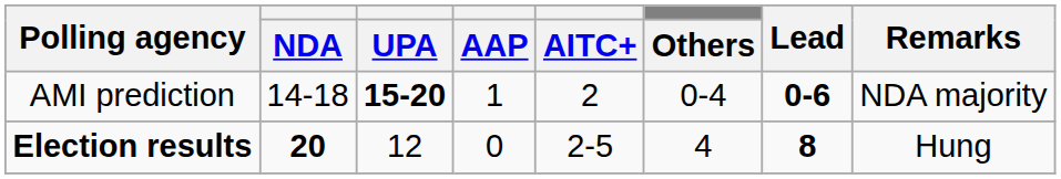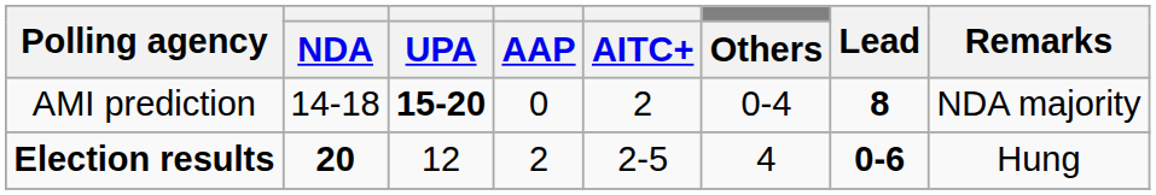 <table class="wikitable sortable" style="text-align:center">
 <tr>
 <th rowspan="2">Polling agency</th>
 <th style="background:"></th>
 <th style="background:"></th>
 <th style="background:"></th>
 <th style="background:"></th>
 <th style="background:gray;"></th>
 <th rowspan="2">Lead</th>
 <th rowspan="2">Remarks</th>
 </tr>
 <tr>
 <th><a href='#'>NDA</a></th>
 <th><a href='#'>UPA</a></th>
 <th><a href='#'>AAP</a></th>
 <th><a href='#'>AITC+</a></th>
 <th>Others</th>
 </tr>
 <tr>
 <td>AMI prediction</td>
 <td>14-18</td>
 <td><strong>15-20</strong></td>
-<td>1</td>
+<td>0</td>
 <td style="background:">2</td>
 <td>0-4</td>
-<td><strong>0-6</strong></td>
+<td><strong>8</strong></td>
 <td style="background:">NDA majority</td>
 </tr>
 <tr>
 <td style="background:"><strong>Election results</strong></td>
 <td><strong>20</strong></td>
 <td style="background:">12</td>
-<td style="background:">0</td>
+<td style="background:">2</td>
 <td>2-5</td>
 <td style="background:">4</td>
-<td><strong>8</strong></td>
+<td><strong>0-6</strong></td>
 <td>Hung</td>
 </tr>
 </table>
